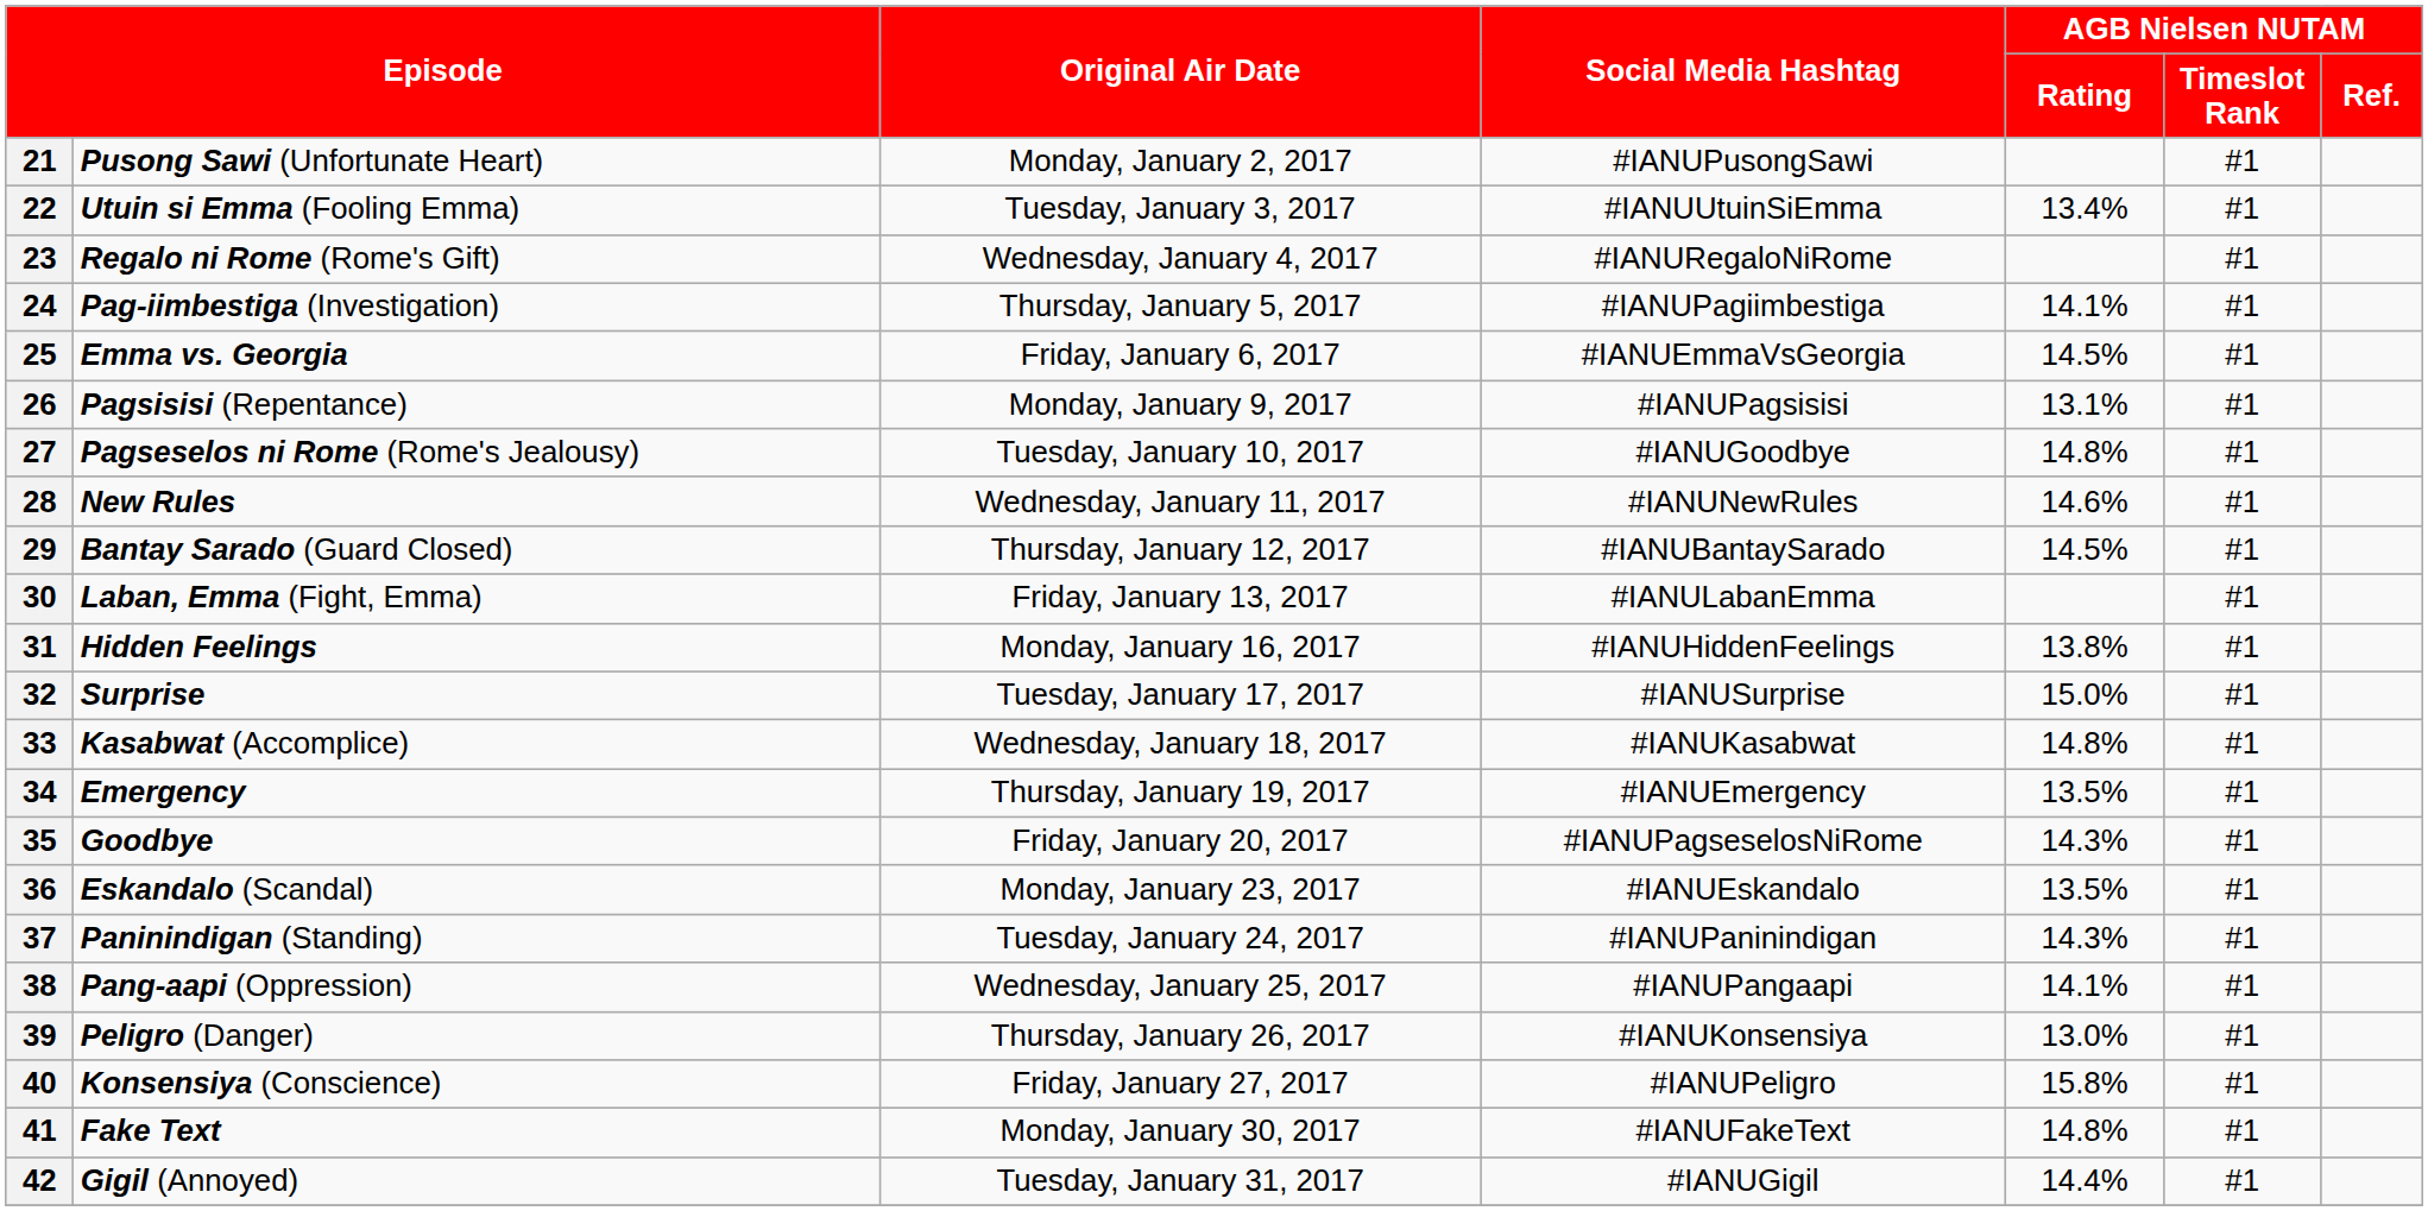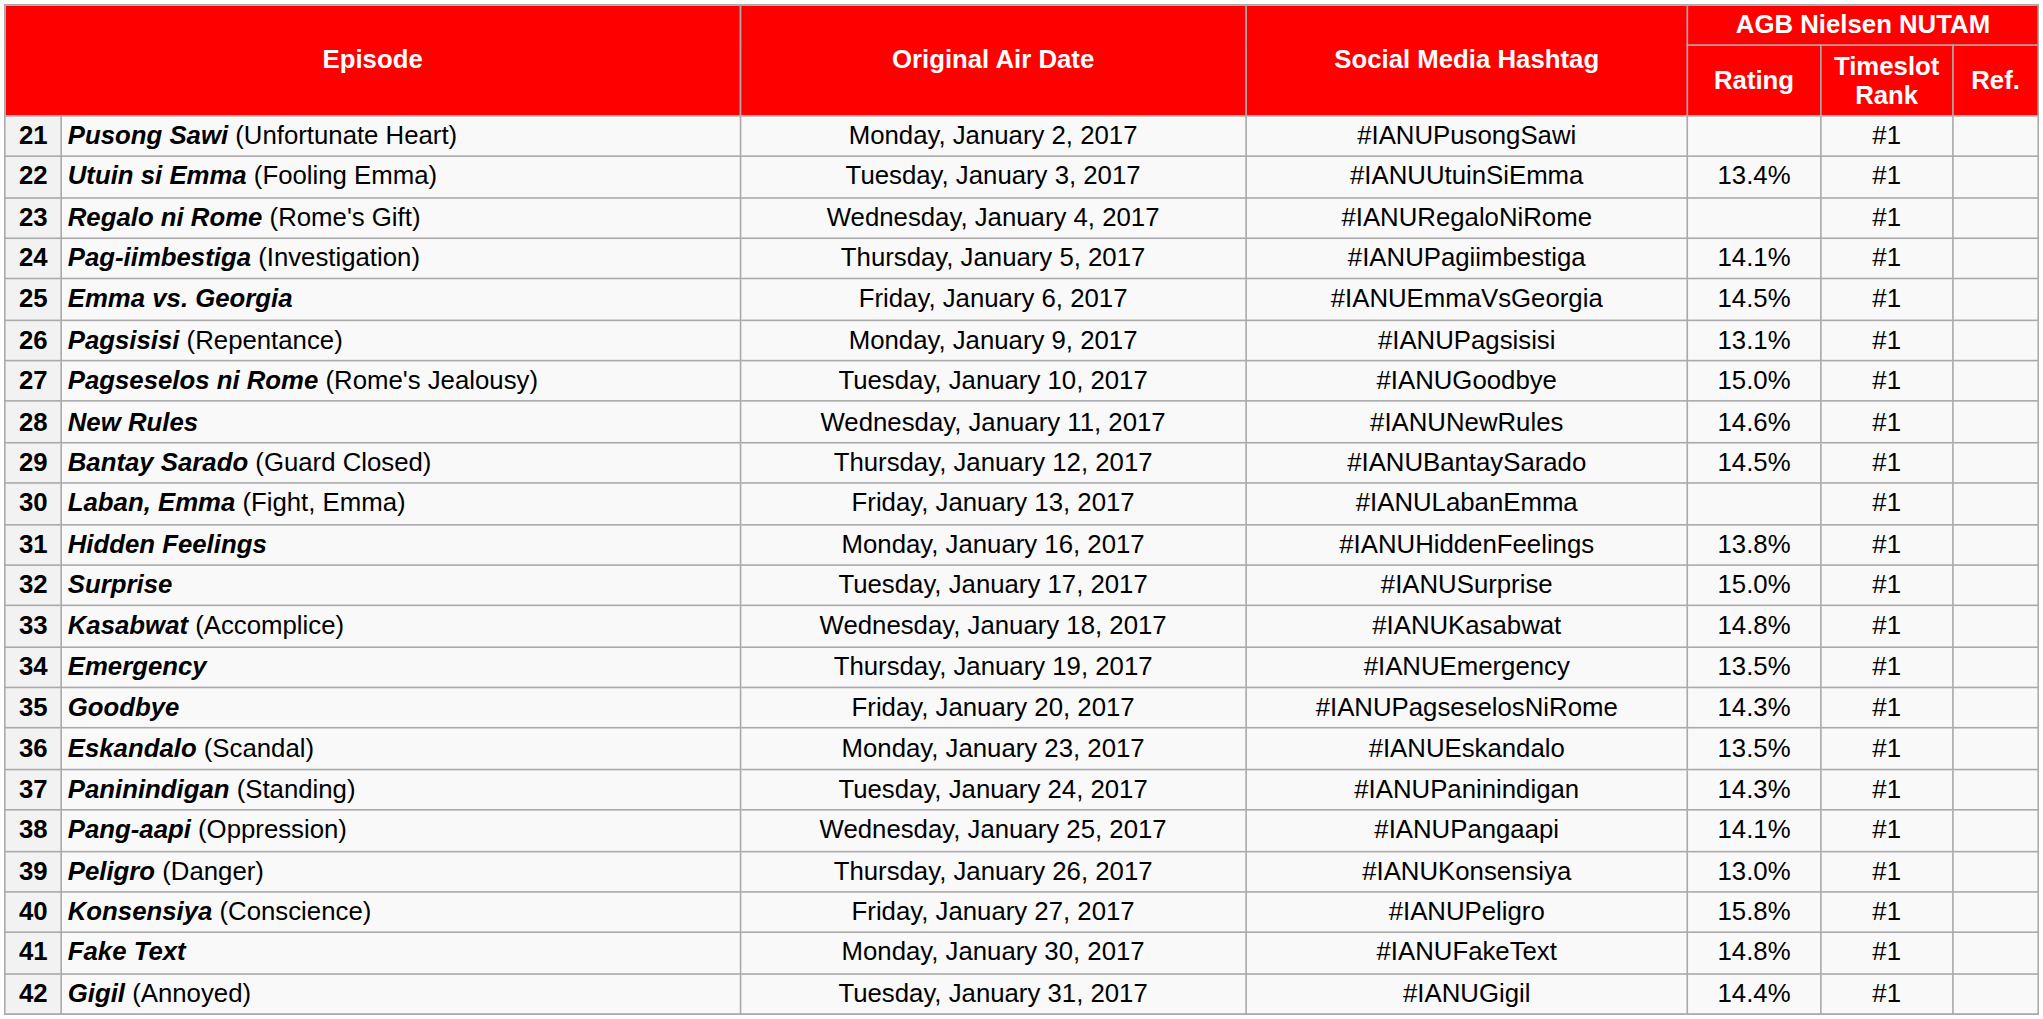 <table class="wikitable" style="text-align:center; font-size:100%; line-height:18px;"  width="100%">
 <tr>
 <th colspan="2" rowspan="2" style="background-color:#FF0000; color:#ffffff;">Episode</th>
 <th style="background:#FF0000; color:white" rowspan="2">Original Air Date</th>
 <th style="background:#FF0000; color:white" rowspan="2">Social Media Hashtag</th>
 <th style="background-color:#FF0000; color:#ffffff;" colspan="3">AGB Nielsen NUTAM</th>
 </tr>
 <tr>
 <th style="background-color:#FF0000; width:75px; color:#ffffff;">Rating</th>
 <th style="background-color:#FF0000; width:75px; color:#ffffff;">Timeslot<br>Rank</th>
 <th style="background-color:#FF0000; color:#ffffff;">Ref.</th>
 </tr>
 <tr>
 <th>21</th>
 <td style="text-align: left;"><strong><em>Pusong Sawi</em></strong> (Unfortunate Heart)</td>
 <td>Monday, January 2, 2017</td>
 <td>#IANUPusongSawi</td>
 <td></td>
 <td>#1</td>
 <td></td>
 </tr>
 <tr>
 <th>22</th>
 <td style="text-align: left;"><strong><em>Utuin si Emma</em></strong> (Fooling Emma)</td>
 <td>Tuesday, January 3, 2017</td>
 <td>#IANUUtuinSiEmma</td>
 <td>13.4%</td>
 <td>#1</td>
 <td></td>
 </tr>
 <tr>
 <th>23</th>
 <td style="text-align: left;"><strong><em>Regalo ni Rome</em></strong> (Rome's Gift)</td>
 <td>Wednesday, January 4, 2017</td>
 <td>#IANURegaloNiRome</td>
 <td></td>
 <td>#1</td>
 <td></td>
 </tr>
 <tr>
 <th>24</th>
 <td style="text-align: left;"><strong><em>Pag-iimbestiga</em></strong> (Investigation)</td>
 <td>Thursday, January 5, 2017</td>
 <td>#IANUPagiimbestiga</td>
 <td>14.1%</td>
 <td>#1</td>
 <td></td>
 </tr>
 <tr>
 <th>25</th>
 <td style="text-align: left;"><strong><em>Emma vs. Georgia</em></strong></td>
 <td>Friday, January 6, 2017</td>
 <td>#IANUEmmaVsGeorgia</td>
 <td>14.5%</td>
 <td>#1</td>
 <td></td>
 </tr>
 <tr>
 <th>26</th>
 <td style="text-align: left;"><strong><em>Pagsisisi</em></strong> (Repentance)</td>
 <td>Monday, January 9, 2017</td>
 <td>#IANUPagsisisi</td>
 <td>13.1%</td>
 <td>#1</td>
 <td></td>
 </tr>
 <tr>
 <th>27</th>
 <td style="text-align: left;"><strong><em>Pagseselos ni Rome</em></strong> (Rome's Jealousy)</td>
 <td>Tuesday, January 10, 2017</td>
 <td>#IANUGoodbye</td>
-<td>14.8%</td>
+<td>15.0%</td>
 <td>#1</td>
 <td></td>
 </tr>
 <tr>
 <th>28</th>
 <td style="text-align: left;"><strong><em>New Rules</em></strong></td>
 <td>Wednesday, January 11, 2017</td>
 <td>#IANUNewRules</td>
 <td>14.6%</td>
 <td>#1</td>
 <td></td>
 </tr>
 <tr>
 <th>29</th>
 <td style="text-align: left;"><strong><em>Bantay Sarado</em></strong> (Guard Closed)</td>
 <td>Thursday, January 12, 2017</td>
 <td>#IANUBantaySarado</td>
 <td>14.5%</td>
 <td>#1</td>
 <td></td>
 </tr>
 <tr>
 <th>30</th>
 <td style="text-align: left;"><strong><em>Laban, Emma</em></strong> (Fight, Emma)</td>
 <td>Friday, January 13, 2017</td>
 <td>#IANULabanEmma</td>
 <td></td>
 <td>#1</td>
 <td></td>
 </tr>
 <tr>
 <th>31</th>
 <td style="text-align: left;"><strong><em>Hidden Feelings</em></strong></td>
 <td>Monday, January 16, 2017</td>
 <td>#IANUHiddenFeelings</td>
 <td>13.8%</td>
 <td>#1</td>
 <td></td>
 </tr>
 <tr>
 <th>32</th>
 <td style="text-align: left;"><strong><em>Surprise</em></strong></td>
 <td>Tuesday, January 17, 2017</td>
 <td>#IANUSurprise</td>
 <td>15.0%</td>
 <td>#1</td>
 <td></td>
 </tr>
 <tr>
 <th>33</th>
 <td style="text-align: left;"><strong><em>Kasabwat</em></strong> (Accomplice)</td>
 <td>Wednesday, January 18, 2017</td>
 <td>#IANUKasabwat</td>
 <td>14.8%</td>
 <td>#1</td>
 <td></td>
 </tr>
 <tr>
 <th>34</th>
 <td style="text-align: left;"><strong><em>Emergency</em></strong></td>
 <td>Thursday, January 19, 2017</td>
 <td>#IANUEmergency</td>
 <td>13.5%</td>
 <td>#1</td>
 <td></td>
 </tr>
 <tr>
 <th>35</th>
 <td style="text-align: left;"><strong><em>Goodbye</em></strong></td>
 <td>Friday, January 20, 2017</td>
 <td>#IANUPagseselosNiRome</td>
 <td>14.3%</td>
 <td>#1</td>
 <td></td>
 </tr>
 <tr>
 <th>36</th>
 <td style="text-align: left;"><strong><em>Eskandalo</em></strong> (Scandal)</td>
 <td>Monday, January 23, 2017</td>
 <td>#IANUEskandalo</td>
 <td>13.5%</td>
 <td>#1</td>
 <td></td>
 </tr>
 <tr>
 <th>37</th>
 <td style="text-align: left;"><strong><em>Paninindigan</em></strong> (Standing)</td>
 <td>Tuesday, January 24, 2017</td>
 <td>#IANUPaninindigan</td>
 <td>14.3%</td>
 <td>#1</td>
 <td></td>
 </tr>
 <tr>
 <th>38</th>
 <td style="text-align: left;"><strong><em>Pang-aapi</em></strong> (Oppression)</td>
 <td>Wednesday, January 25, 2017</td>
 <td>#IANUPangaapi</td>
 <td>14.1%</td>
 <td>#1</td>
 <td></td>
 </tr>
 <tr>
 <th>39</th>
 <td style="text-align: left;"><strong><em>Peligro</em></strong> (Danger)</td>
 <td>Thursday, January 26, 2017</td>
 <td>#IANUKonsensiya</td>
 <td>13.0%</td>
 <td>#1</td>
 <td></td>
 </tr>
 <tr>
 <th>40</th>
 <td style="text-align: left;"><strong><em>Konsensiya</em></strong> (Conscience)</td>
 <td>Friday, January 27, 2017</td>
 <td>#IANUPeligro</td>
 <td>15.8%</td>
 <td>#1</td>
 <td></td>
 </tr>
 <tr>
 <th>41</th>
 <td style="text-align: left;"><strong><em>Fake Text</em></strong></td>
 <td>Monday, January 30, 2017</td>
 <td>#IANUFakeText</td>
 <td>14.8%</td>
 <td>#1</td>
 <td></td>
 </tr>
 <tr>
 <th>42</th>
 <td style="text-align: left;"><strong><em>Gigil</em></strong> (Annoyed)</td>
 <td>Tuesday, January 31, 2017</td>
 <td>#IANUGigil</td>
 <td>14.4%</td>
 <td>#1</td>
 <td></td>
 </tr>
 <tr>
 </tr>
 </table>
